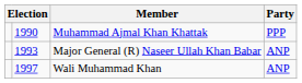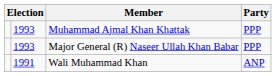 <table class="wikitable">
 <tr>
 <th colspan="2">Election</th>
 <th>Member</th>
 <th>Party</th>
 </tr>
 <tr>
 <td style="background-color: "></td>
-<td><a href='#'>1990</a></td>
+<td><a href='#'>1993</a></td>
 <td><a href='#'>Muhammad Ajmal Khan Khattak</a></td>
 <td><a href='#'>PPP</a></td>
 </tr>
 <tr>
 <td style="background-color: "></td>
 <td><a href='#'>1993</a></td>
 <td>Major General (R) <a href='#'>Naseer Ullah Khan Babar</a></td>
-<td><a href='#'>ANP</a></td>
+<td><a href='#'>PPP</a></td>
 </tr>
 <tr>
 <td style="background-color: "></td>
-<td><a href='#'>1997</a></td>
+<td><a href='#'>1991</a></td>
 <td>Wali Muhammad Khan</td>
 <td><a href='#'>ANP</a></td>
 </tr>
 </table>
